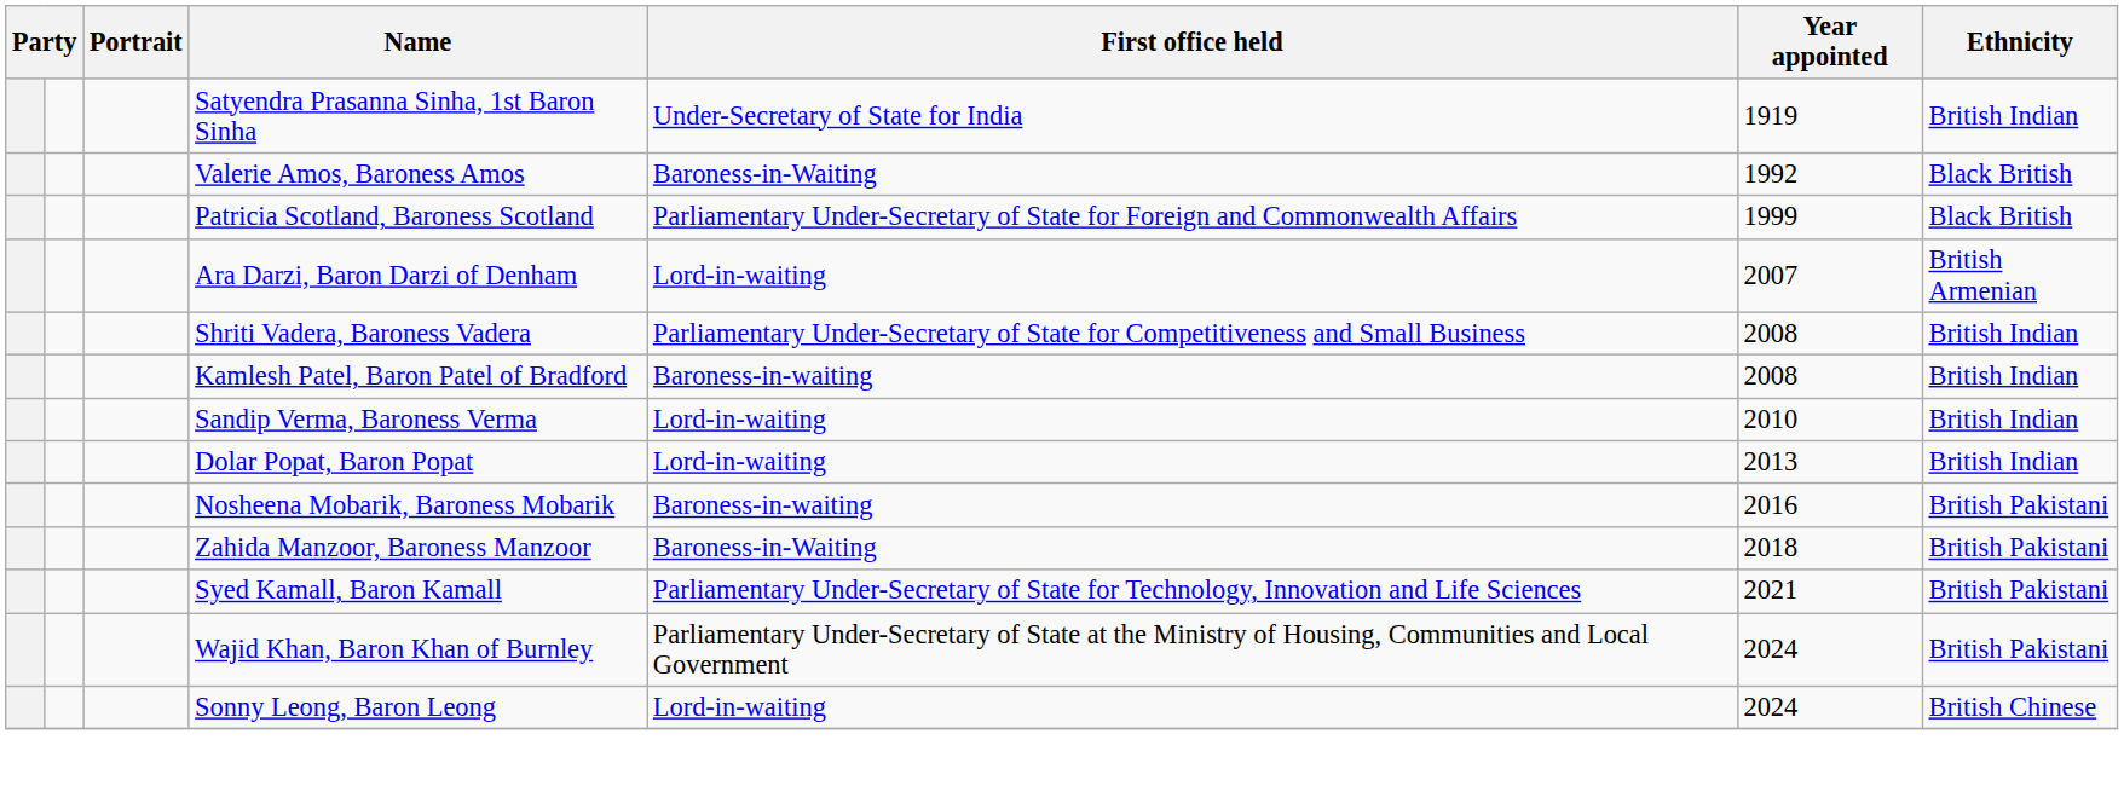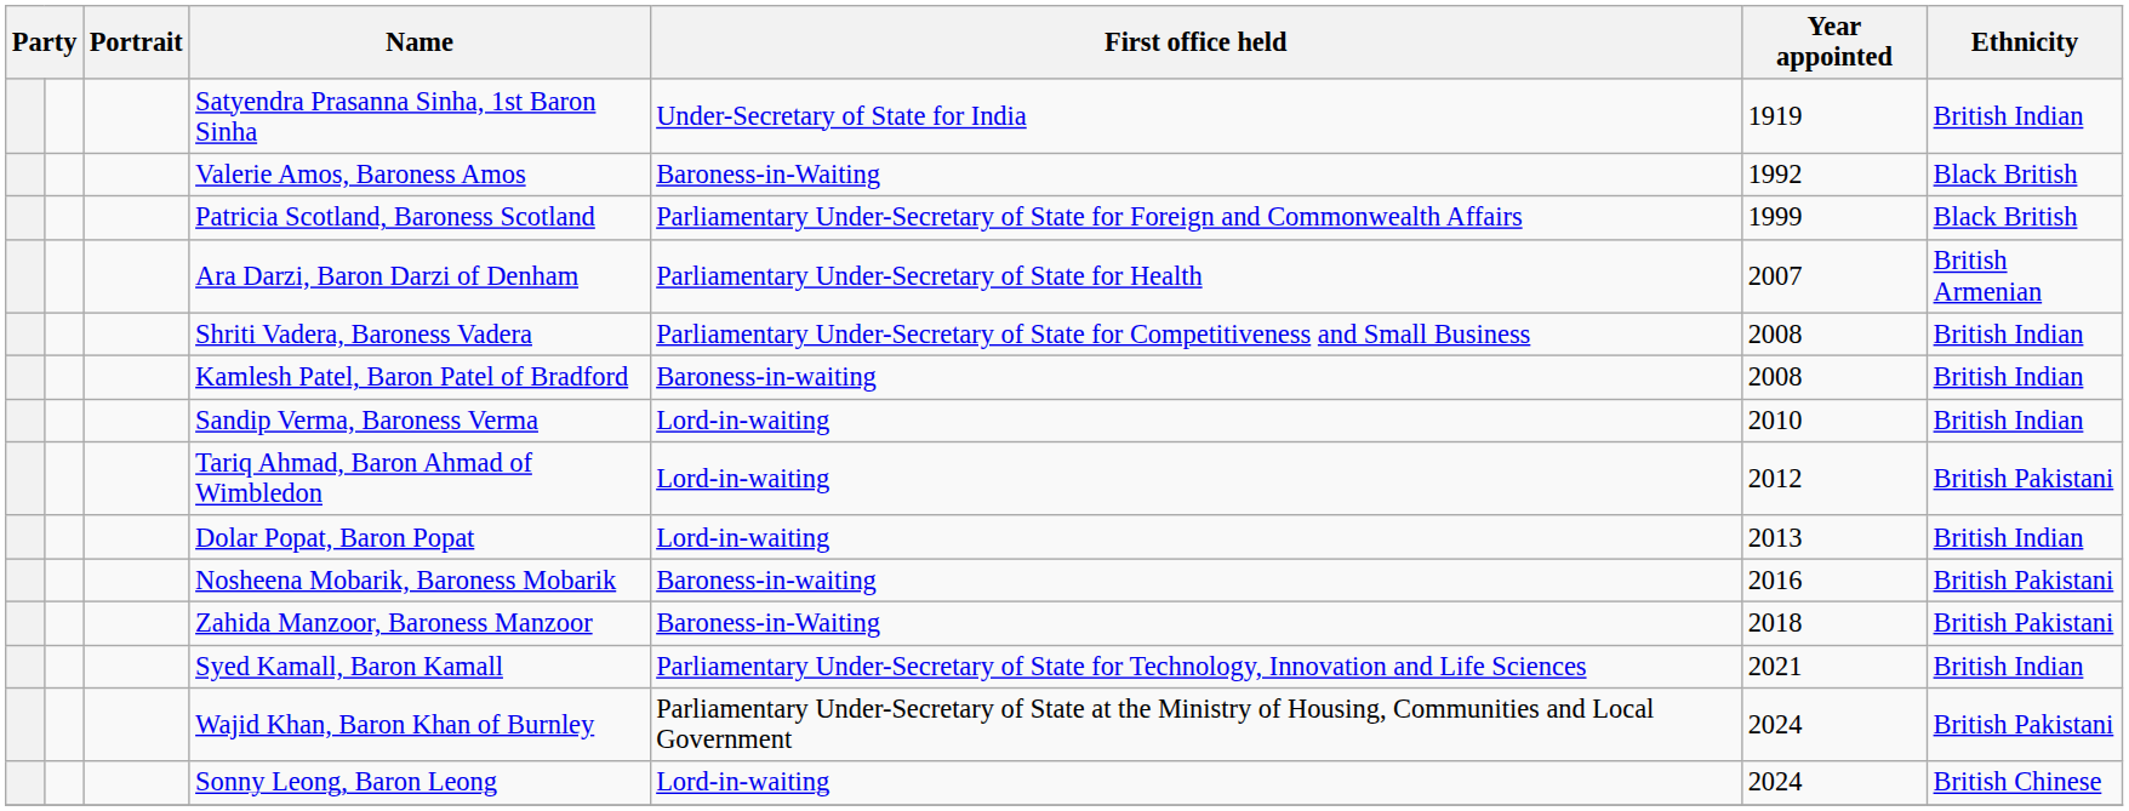 <table class="wikitable sortable">
 <tr>
 <th colspan=2>Party</th>
 <th>Portrait</th>
 <th>Name</th>
 <th>First office held</th>
 <th>Year appointed</th>
 <th>Ethnicity</th>
 </tr>
 <tr>
 <th style="background-color: "></th>
 <td></td>
 <td></td>
 <td><a href='#'>Satyendra Prasanna Sinha, 1st Baron Sinha</a></td>
 <td><a href='#'>Under-Secretary of State for India</a></td>
 <td>1919</td>
 <td><a href='#'>British Indian</a></td>
 </tr>
 <tr>
 <th style="background-color: "></th>
 <td></td>
 <td></td>
 <td><a href='#'>Valerie Amos, Baroness Amos</a></td>
 <td><a href='#'>Baroness-in-Waiting</a></td>
 <td>1992</td>
 <td><a href='#'>Black British</a></td>
 </tr>
 <tr>
 <th style="background-color: "></th>
 <td></td>
 <td></td>
 <td><a href='#'>Patricia Scotland, Baroness Scotland</a></td>
 <td><a href='#'>Parliamentary Under-Secretary of State for Foreign and Commonwealth Affairs</a></td>
 <td>1999</td>
 <td><a href='#'>Black British</a></td>
 </tr>
 <tr>
 <th style="background-color: "></th>
 <td></td>
 <td></td>
 <td><a href='#'>Ara Darzi, Baron Darzi of Denham</a></td>
-<td><a href='#'>Lord-in-waiting</a></td>
+<td><a href='#'>Parliamentary Under-Secretary of State for Health</a></td>
 <td>2007</td>
 <td><a href='#'>British Armenian</a></td>
 </tr>
 <tr>
 <th style="background-color: "></th>
 <td></td>
 <td></td>
 <td><a href='#'>Shriti Vadera, Baroness Vadera</a></td>
 <td><a href='#'>Parliamentary Under-Secretary of State for Competitiveness</a> <a href='#'>and Small Business</a></td>
 <td>2008</td>
 <td><a href='#'>British Indian</a></td>
 </tr>
 <tr>
 <th style="background-color: "></th>
 <td></td>
 <td></td>
 <td><a href='#'>Kamlesh Patel, Baron Patel of Bradford</a></td>
 <td><a href='#'>Baroness-in-waiting</a></td>
 <td>2008</td>
 <td><a href='#'>British Indian</a></td>
 </tr>
 <tr>
 <th style="background-color: "></th>
 <td></td>
 <td></td>
 <td><a href='#'>Sandip Verma, Baroness Verma</a></td>
 <td><a href='#'>Lord-in-waiting</a></td>
 <td>2010</td>
 <td><a href='#'>British Indian</a></td>
+</tr>
+<tr>
+<th style="background-color: "></th>
+<td></td>
+<td></td>
+<td><a href='#'>Tariq Ahmad, Baron Ahmad of Wimbledon</a></td>
+<td><a href='#'>Lord-in-waiting</a></td>
+<td>2012</td>
+<td><a href='#'>British Pakistani</a></td>
 </tr>
 <tr>
 <th style="background-color: "></th>
 <td></td>
 <td></td>
 <td><a href='#'>Dolar Popat, Baron Popat</a></td>
 <td><a href='#'>Lord-in-waiting</a></td>
 <td>2013</td>
 <td><a href='#'>British Indian</a></td>
 </tr>
 <tr>
 <th style="background-color: "></th>
 <td></td>
 <td></td>
 <td><a href='#'>Nosheena Mobarik, Baroness Mobarik</a></td>
 <td><a href='#'>Baroness-in-waiting</a></td>
 <td>2016</td>
 <td><a href='#'>British Pakistani</a></td>
 </tr>
 <tr>
 <th style="background-color: "></th>
 <td></td>
 <td></td>
 <td><a href='#'>Zahida Manzoor, Baroness Manzoor</a></td>
 <td><a href='#'>Baroness-in-Waiting</a></td>
 <td>2018</td>
 <td><a href='#'>British Pakistani</a></td>
 </tr>
 <tr>
 <th style="background-color: "></th>
 <td></td>
 <td></td>
 <td><a href='#'>Syed Kamall, Baron Kamall</a></td>
 <td><a href='#'>Parliamentary Under-Secretary of State for Technology, Innovation and Life Sciences</a></td>
 <td>2021</td>
-<td><a href='#'>British Pakistani</a></td>
+<td><a href='#'>British Indian</a></td>
 </tr>
 <tr>
 <th style="background-color: "></th>
 <td></td>
 <td></td>
 <td><a href='#'>Wajid Khan, Baron Khan of Burnley</a></td>
 <td>Parliamentary Under-Secretary of State at the Ministry of Housing, Communities and Local Government</td>
 <td>2024</td>
 <td><a href='#'>British Pakistani</a></td>
 </tr>
 <tr>
 <th style="background-color: "></th>
 <td></td>
 <td></td>
 <td><a href='#'>Sonny Leong, Baron Leong</a></td>
 <td><a href='#'>Lord-in-waiting</a></td>
 <td>2024</td>
 <td><a href='#'>British Chinese</a></td>
 </tr>
 <tr>
 </tr>
 </table>
